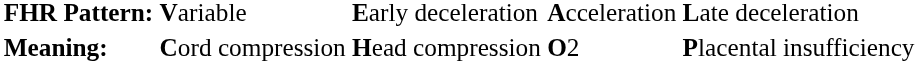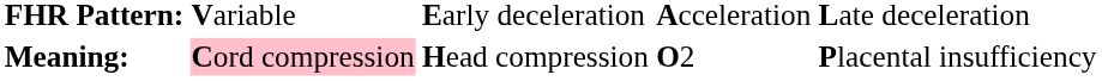 <table>
 <tr>
 <td><strong>FHR Pattern:</strong></td>
 <td><strong>V</strong>ariable</td>
 <td><strong>E</strong>arly deceleration</td>
 <td><strong>A</strong>cceleration</td>
 <td><strong>L</strong>ate deceleration</td>
 </tr>
 <tr>
 <td><strong>Meaning:</strong></td>
-<td><strong>C</strong>ord compression</td>
+<td style="background: pink;"><strong>C</strong>ord compression</td>
 <td><strong>H</strong>ead compression</td>
 <td><strong>O</strong>2</td>
 <td><strong>P</strong>lacental insufficiency</td>
 </tr>
 </table>
